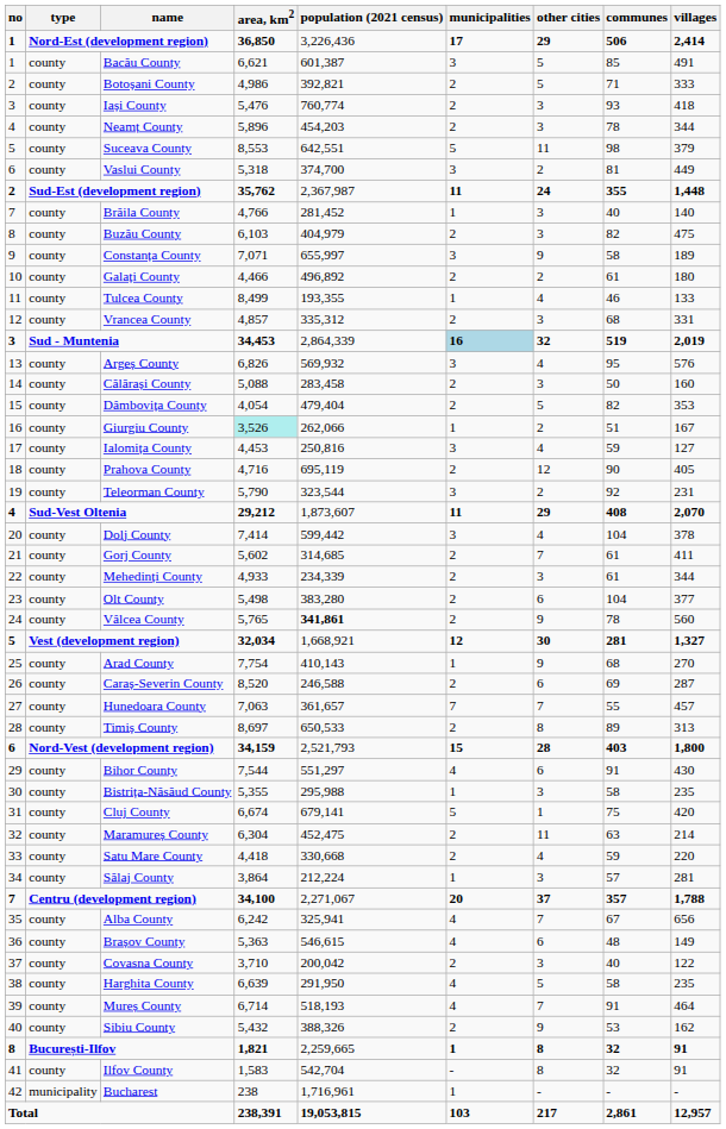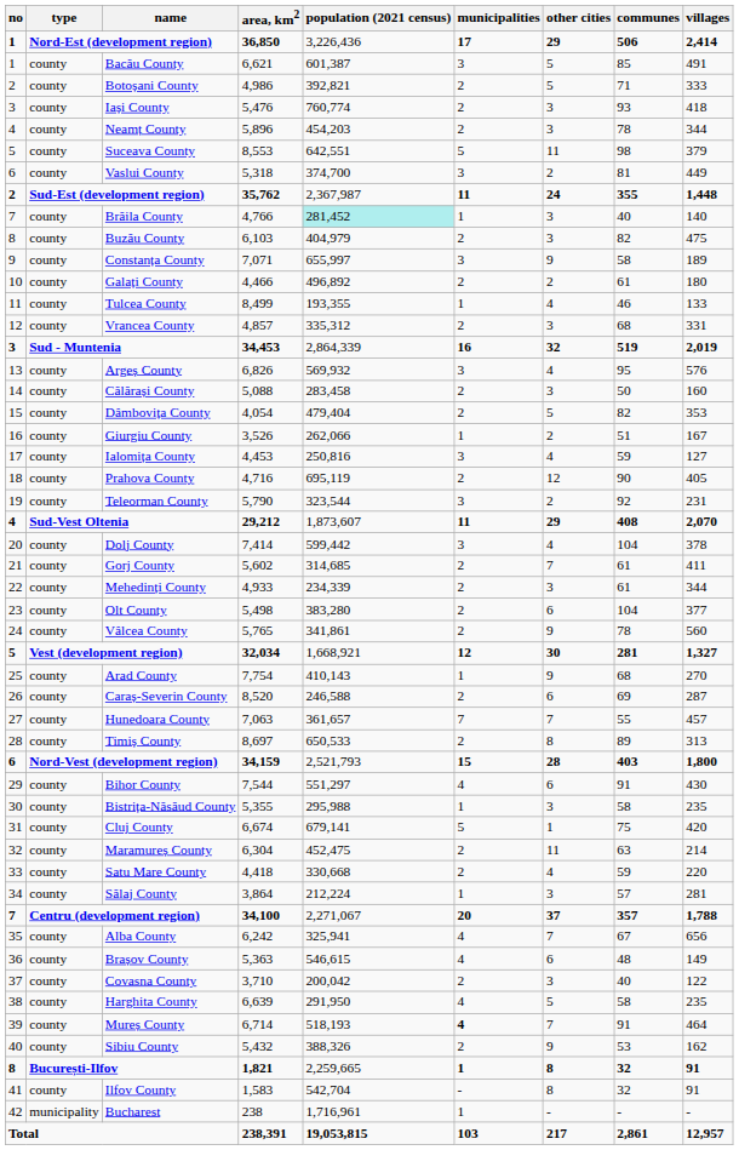 <table class="wikitable sortable">
 <tr>
 <th>no</th>
 <th>type</th>
 <th>name</th>
 <th>area, km<sup>2</sup></th>
 <th>population (2021 census)</th>
 <th>municipalities</th>
 <th>other cities</th>
 <th>communes</th>
 <th>villages</th>
 </tr>
 <tr>
 <td><strong>1</strong></td>
 <td colspan=2><strong><a href='#'>Nord-Est (development region)</a></strong></td>
 <td><strong>36,850</strong></td>
 <td>3,226,436</td>
 <td><strong>17</strong></td>
 <td><strong>29</strong></td>
 <td><strong>506</strong></td>
 <td><strong>2,414</strong></td>
 </tr>
 <tr>
 <td>1</td>
 <td>county</td>
 <td><a href='#'>Bacău County</a></td>
 <td>6,621</td>
 <td>601,387</td>
 <td>3</td>
 <td>5</td>
 <td>85</td>
 <td>491</td>
 </tr>
 <tr>
 <td>2</td>
 <td>county</td>
 <td><a href='#'>Botoșani County</a></td>
 <td>4,986</td>
 <td>392,821</td>
 <td>2</td>
 <td>5</td>
 <td>71</td>
 <td>333</td>
 </tr>
 <tr>
 <td>3</td>
 <td>county</td>
 <td><a href='#'>Iași County</a></td>
 <td>5,476</td>
 <td>760,774</td>
 <td>2</td>
 <td>3</td>
 <td>93</td>
 <td>418</td>
 </tr>
 <tr>
 <td>4</td>
 <td>county</td>
 <td><a href='#'>Neamț County</a></td>
 <td>5,896</td>
 <td>454,203</td>
 <td>2</td>
 <td>3</td>
 <td>78</td>
 <td>344</td>
 </tr>
 <tr>
 <td>5</td>
 <td>county</td>
 <td><a href='#'>Suceava County</a></td>
 <td>8,553</td>
 <td>642,551</td>
 <td>5</td>
 <td>11</td>
 <td>98</td>
 <td>379</td>
 </tr>
 <tr>
 <td>6</td>
 <td>county</td>
 <td><a href='#'>Vaslui County</a></td>
 <td>5,318</td>
 <td>374,700</td>
 <td>3</td>
 <td>2</td>
 <td>81</td>
 <td>449</td>
 </tr>
 <tr>
 <td><strong>2</strong></td>
 <td colspan=2><strong><a href='#'>Sud-Est (development region)</a></strong></td>
 <td><strong>35,762</strong></td>
 <td>2,367,987</td>
 <td><strong>11</strong></td>
 <td><strong>24</strong></td>
 <td><strong>355</strong></td>
 <td><strong>1,448</strong></td>
 </tr>
 <tr>
 <td>7</td>
 <td>county</td>
 <td><a href='#'>Brăila County</a></td>
 <td>4,766</td>
-<td>281,452</td>
+<td style="background: paleturquoise;">281,452</td>
 <td>1</td>
 <td>3</td>
 <td>40</td>
 <td>140</td>
 </tr>
 <tr>
 <td>8</td>
 <td>county</td>
 <td><a href='#'>Buzău County</a></td>
 <td>6,103</td>
 <td>404,979</td>
 <td>2</td>
 <td>3</td>
 <td>82</td>
 <td>475</td>
 </tr>
 <tr>
 <td>9</td>
 <td>county</td>
 <td><a href='#'>Constanța County</a></td>
 <td>7,071</td>
 <td>655,997</td>
 <td>3</td>
 <td>9</td>
 <td>58</td>
 <td>189</td>
 </tr>
 <tr>
 <td>10</td>
 <td>county</td>
 <td><a href='#'>Galați County</a></td>
 <td>4,466</td>
 <td>496,892</td>
 <td>2</td>
 <td>2</td>
 <td>61</td>
 <td>180</td>
 </tr>
 <tr>
 <td>11</td>
 <td>county</td>
 <td><a href='#'>Tulcea County</a></td>
 <td>8,499</td>
 <td>193,355</td>
 <td>1</td>
 <td>4</td>
 <td>46</td>
 <td>133</td>
 </tr>
 <tr>
 <td>12</td>
 <td>county</td>
 <td><a href='#'>Vrancea County</a></td>
 <td>4,857</td>
 <td>335,312</td>
 <td>2</td>
 <td>3</td>
 <td>68</td>
 <td>331</td>
 </tr>
 <tr>
 <td><strong>3</strong></td>
 <td colspan=2><strong><a href='#'>Sud - Muntenia</a></strong></td>
 <td><strong>34,453</strong></td>
 <td>2,864,339</td>
-<td style="background: lightblue;"><strong>16</strong></td>
+<td><strong>16</strong></td>
 <td><strong>32</strong></td>
 <td><strong>519</strong></td>
 <td><strong>2,019</strong></td>
 </tr>
 <tr>
 <td>13</td>
 <td>county</td>
 <td><a href='#'>Argeș County</a></td>
 <td>6,826</td>
 <td>569,932</td>
 <td>3</td>
 <td>4</td>
 <td>95</td>
 <td>576</td>
 </tr>
 <tr>
 <td>14</td>
 <td>county</td>
 <td><a href='#'>Călărași County</a></td>
 <td>5,088</td>
 <td>283,458</td>
 <td>2</td>
 <td>3</td>
 <td>50</td>
 <td>160</td>
 </tr>
 <tr>
 <td>15</td>
 <td>county</td>
 <td><a href='#'>Dâmbovița County</a></td>
 <td>4,054</td>
 <td>479,404</td>
 <td>2</td>
 <td>5</td>
 <td>82</td>
 <td>353</td>
 </tr>
 <tr>
 <td>16</td>
 <td>county</td>
 <td><a href='#'>Giurgiu County</a></td>
-<td style="background: paleturquoise;">3,526</td>
+<td>3,526</td>
 <td>262,066</td>
 <td>1</td>
 <td>2</td>
 <td>51</td>
 <td>167</td>
 </tr>
 <tr>
 <td>17</td>
 <td>county</td>
 <td><a href='#'>Ialomița County</a></td>
 <td>4,453</td>
 <td>250,816</td>
 <td>3</td>
 <td>4</td>
 <td>59</td>
 <td>127</td>
 </tr>
 <tr>
 <td>18</td>
 <td>county</td>
 <td><a href='#'>Prahova County</a></td>
 <td>4,716</td>
 <td>695,119</td>
 <td>2</td>
 <td>12</td>
 <td>90</td>
 <td>405</td>
 </tr>
 <tr>
 <td>19</td>
 <td>county</td>
 <td><a href='#'>Teleorman County</a></td>
 <td>5,790</td>
 <td>323,544</td>
 <td>3</td>
 <td>2</td>
 <td>92</td>
 <td>231</td>
 </tr>
 <tr>
 <td><strong>4</strong></td>
 <td colspan=2><strong><a href='#'>Sud-Vest Oltenia</a></strong></td>
 <td><strong>29,212</strong></td>
 <td>1,873,607</td>
 <td><strong>11</strong></td>
 <td><strong>29</strong></td>
 <td><strong>408</strong></td>
 <td><strong>2,070</strong></td>
 </tr>
 <tr>
 <td>20</td>
 <td>county</td>
 <td><a href='#'>Dolj County</a></td>
 <td>7,414</td>
 <td>599,442</td>
 <td>3</td>
 <td>4</td>
 <td>104</td>
 <td>378</td>
 </tr>
 <tr>
 <td>21</td>
 <td>county</td>
 <td><a href='#'>Gorj County</a></td>
 <td>5,602</td>
 <td>314,685</td>
 <td>2</td>
 <td>7</td>
 <td>61</td>
 <td>411</td>
 </tr>
 <tr>
 <td>22</td>
 <td>county</td>
 <td><a href='#'>Mehedinți County</a></td>
 <td>4,933</td>
 <td>234,339</td>
 <td>2</td>
 <td>3</td>
 <td>61</td>
 <td>344</td>
 </tr>
 <tr>
 <td>23</td>
 <td>county</td>
 <td><a href='#'>Olt County</a></td>
 <td>5,498</td>
 <td>383,280</td>
 <td>2</td>
 <td>6</td>
 <td>104</td>
 <td>377</td>
 </tr>
 <tr>
 <td>24</td>
 <td>county</td>
 <td><a href='#'>Vâlcea County</a></td>
 <td>5,765</td>
-<td><strong>341,861</strong></td>
+<td>341,861</td>
 <td>2</td>
 <td>9</td>
 <td>78</td>
 <td>560</td>
 </tr>
 <tr>
 <td><strong>5</strong></td>
 <td colspan=2><strong><a href='#'>Vest (development region)</a></strong></td>
 <td><strong>32,034</strong></td>
 <td>1,668,921</td>
 <td><strong>12</strong></td>
 <td><strong>30</strong></td>
 <td><strong>281</strong></td>
 <td><strong>1,327</strong></td>
 </tr>
 <tr>
 <td>25</td>
 <td>county</td>
 <td><a href='#'>Arad County</a></td>
 <td>7,754</td>
 <td>410,143</td>
 <td>1</td>
 <td>9</td>
 <td>68</td>
 <td>270</td>
 </tr>
 <tr>
 <td>26</td>
 <td>county</td>
 <td><a href='#'>Caraș-Severin County</a></td>
 <td>8,520</td>
 <td>246,588</td>
 <td>2</td>
 <td>6</td>
 <td>69</td>
 <td>287</td>
 </tr>
 <tr>
 <td>27</td>
 <td>county</td>
 <td><a href='#'>Hunedoara County</a></td>
 <td>7,063</td>
 <td>361,657</td>
 <td>7</td>
 <td>7</td>
 <td>55</td>
 <td>457</td>
 </tr>
 <tr>
 <td>28</td>
 <td>county</td>
 <td><a href='#'>Timiș County</a></td>
 <td>8,697</td>
 <td>650,533</td>
 <td>2</td>
 <td>8</td>
 <td>89</td>
 <td>313</td>
 </tr>
 <tr>
 <td><strong>6</strong></td>
 <td colspan=2><strong><a href='#'>Nord-Vest (development region)</a></strong></td>
 <td><strong>34,159</strong></td>
 <td>2,521,793</td>
 <td><strong>15</strong></td>
 <td><strong>28</strong></td>
 <td><strong>403</strong></td>
 <td><strong>1,800</strong></td>
 </tr>
 <tr>
 <td>29</td>
 <td>county</td>
 <td><a href='#'>Bihor County</a></td>
 <td>7,544</td>
 <td>551,297</td>
 <td>4</td>
 <td>6</td>
 <td>91</td>
 <td>430</td>
 </tr>
 <tr>
 <td>30</td>
 <td>county</td>
 <td><a href='#'>Bistrița-Năsăud County</a></td>
 <td>5,355</td>
 <td>295,988</td>
 <td>1</td>
 <td>3</td>
 <td>58</td>
 <td>235</td>
 </tr>
 <tr>
 <td>31</td>
 <td>county</td>
 <td><a href='#'>Cluj County</a></td>
 <td>6,674</td>
 <td>679,141</td>
 <td>5</td>
 <td>1</td>
 <td>75</td>
 <td>420</td>
 </tr>
 <tr>
 <td>32</td>
 <td>county</td>
 <td><a href='#'>Maramureș County</a></td>
 <td>6,304</td>
 <td>452,475</td>
 <td>2</td>
 <td>11</td>
 <td>63</td>
 <td>214</td>
 </tr>
 <tr>
 <td>33</td>
 <td>county</td>
 <td><a href='#'>Satu Mare County</a></td>
 <td>4,418</td>
 <td>330,668</td>
 <td>2</td>
 <td>4</td>
 <td>59</td>
 <td>220</td>
 </tr>
 <tr>
 <td>34</td>
 <td>county</td>
 <td><a href='#'>Sălaj County</a></td>
 <td>3,864</td>
 <td>212,224</td>
 <td>1</td>
 <td>3</td>
 <td>57</td>
 <td>281</td>
 </tr>
 <tr>
 <td><strong>7</strong></td>
 <td colspan=2><strong><a href='#'>Centru (development region)</a></strong></td>
 <td><strong>34,100</strong></td>
 <td>2,271,067</td>
 <td><strong>20</strong></td>
 <td><strong>37</strong></td>
 <td><strong>357</strong></td>
 <td><strong>1,788</strong></td>
 </tr>
 <tr>
 <td>35</td>
 <td>county</td>
 <td><a href='#'>Alba County</a></td>
 <td>6,242</td>
 <td>325,941</td>
 <td>4</td>
 <td>7</td>
 <td>67</td>
 <td>656</td>
 </tr>
 <tr>
 <td>36</td>
 <td>county</td>
 <td><a href='#'>Brașov County</a></td>
 <td>5,363</td>
 <td>546,615</td>
 <td>4</td>
 <td>6</td>
 <td>48</td>
 <td>149</td>
 </tr>
 <tr>
 <td>37</td>
 <td>county</td>
 <td><a href='#'>Covasna County</a></td>
 <td>3,710</td>
 <td>200,042</td>
 <td>2</td>
 <td>3</td>
 <td>40</td>
 <td>122</td>
 </tr>
 <tr>
 <td>38</td>
 <td>county</td>
 <td><a href='#'>Harghita County</a></td>
 <td>6,639</td>
 <td>291,950</td>
 <td>4</td>
 <td>5</td>
 <td>58</td>
 <td>235</td>
 </tr>
 <tr>
 <td>39</td>
 <td>county</td>
 <td><a href='#'>Mureș County</a></td>
 <td>6,714</td>
 <td>518,193</td>
-<td>4</td>
+<td><strong>4</strong></td>
 <td>7</td>
 <td>91</td>
 <td>464</td>
 </tr>
 <tr>
 <td>40</td>
 <td>county</td>
 <td><a href='#'>Sibiu County</a></td>
 <td>5,432</td>
 <td>388,326</td>
 <td>2</td>
 <td>9</td>
 <td>53</td>
 <td>162</td>
 </tr>
 <tr>
 <td><strong>8</strong></td>
 <td colspan=2><strong><a href='#'>București-Ilfov</a></strong></td>
 <td><strong>1,821</strong></td>
 <td>2,259,665</td>
 <td><strong>1</strong></td>
 <td><strong>8</strong></td>
 <td><strong>32</strong></td>
 <td><strong>91</strong></td>
 </tr>
 <tr>
 <td>41</td>
 <td>county</td>
 <td><a href='#'>Ilfov County</a></td>
 <td>1,583</td>
 <td>542,704</td>
 <td>-</td>
 <td>8</td>
 <td>32</td>
 <td>91</td>
 </tr>
 <tr>
 <td>42</td>
 <td>municipality</td>
 <td><a href='#'>Bucharest</a></td>
 <td>238</td>
 <td>1,716,961</td>
 <td>1</td>
 <td>-</td>
 <td>-</td>
 <td>-</td>
 </tr>
 <tr>
 <td colspan=3><strong>Total</strong></td>
 <td><strong>238,391</strong></td>
 <td><strong>19,053,815</strong></td>
 <td><strong>103</strong></td>
 <td><strong>217</strong></td>
 <td><strong>2,861</strong></td>
 <td><strong>12,957</strong></td>
 </tr>
 </table>
